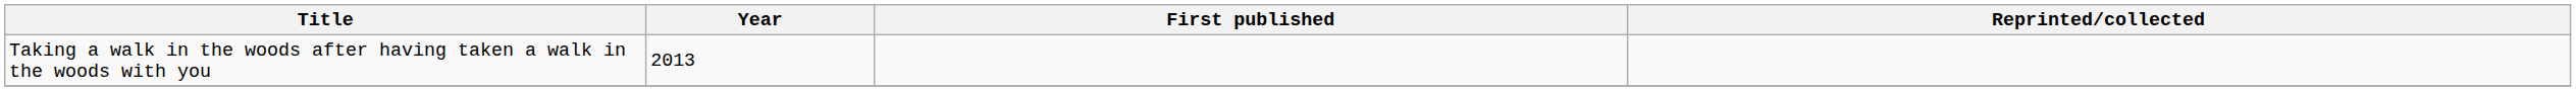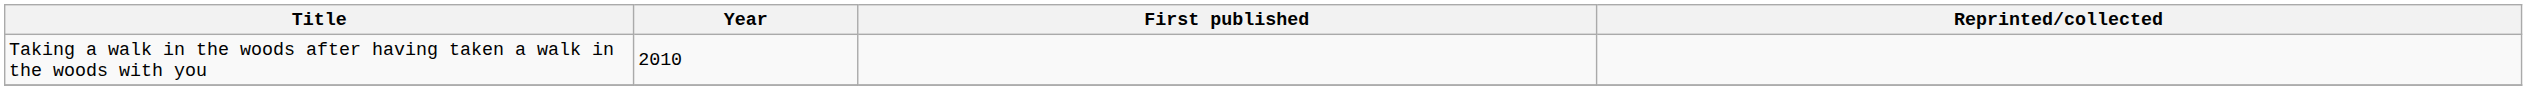 <table class='wikitable sortable' width='90%'>
 <tr>
 <th width=25%>Title</th>
 <th>Year</th>
 <th>First published</th>
 <th>Reprinted/collected</th>
 </tr>
 <tr>
 <td>Taking a walk in the woods after having taken a walk in the woods with you</td>
-<td>2013</td>
+<td>2010</td>
 <td></td>
 <td></td>
 </tr>
 <tr>
 </tr>
 </table>
